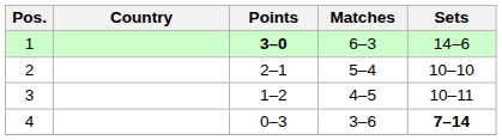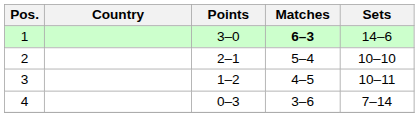 <table class="wikitable" style="text-align:center;">
 <tr>
 <th width=40>Pos.</th>
 <th width=165>Country</th>
 <th width=80>Points</th>
 <th width=80>Matches</th>
 <th width=80>Sets</th>
 </tr>
 <tr style="background:#ccffcc;">
 <td>1</td>
 <td style="text-align:left;"></td>
-<td><strong>3–0</strong></td>
-<td>6–3</td>
+<td>3–0</td>
+<td><strong>6–3</strong></td>
 <td>14–6</td>
 </tr>
 <tr style="background:#ffffff;">
 <td>2</td>
 <td style="text-align:left;"></td>
 <td>2–1</td>
 <td>5–4</td>
 <td>10–10</td>
 </tr>
 <tr style="background:#ffffff;">
 <td>3</td>
 <td style="text-align:left;"></td>
 <td>1–2</td>
 <td>4–5</td>
 <td>10–11</td>
 </tr>
 <tr style="background:#ffffff;">
 <td>4</td>
 <td style="text-align:left;"></td>
 <td>0–3</td>
 <td>3–6</td>
-<td><strong>7–14</strong></td>
+<td>7–14</td>
 </tr>
 <tr style="background:#ffffff;">
 </tr>
 </table>
